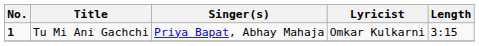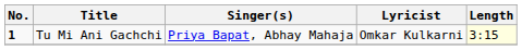 <table class="wikitable">
 <tr>
 <th>No.</th>
 <th>Title</th>
 <th>Singer(s)</th>
 <th>Lyricist</th>
 <th>Length</th>
 </tr>
 <tr>
 <td><strong>1</strong></td>
 <td>Tu Mi Ani Gachchi</td>
 <td><a href='#'>Priya Bapat</a>, Abhay Mahaja</td>
 <td>Omkar Kulkarni</td>
-<td>3:15</td>
+<td style="background: lightyellow;">3:15</td>
 </tr>
 <tr>
 </tr>
 </table>
